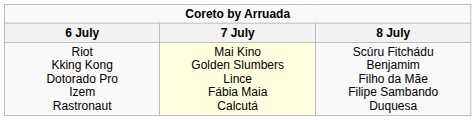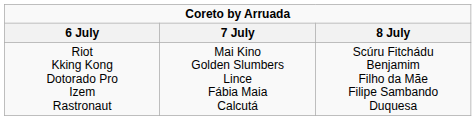 <table class="wikitable">
 <tr>
 <td colspan="3" align="center"><strong>Coreto by Arruada</strong></td>
 </tr>
 <tr>
 <th>6 July</th>
 <th>7 July</th>
 <th>8 July</th>
 </tr>
 <tr>
 <td width="200" align="center" valign="top">Riot<br>Kking Kong<br>Dotorado Pro<br>Izem<br>Rastronaut</td>
-<td width="200" align="center" valign="top" style="background: lightyellow;">Mai Kino<br>Golden Slumbers<br>Lince<br>Fábia Maia<br>Calcutá</td>
+<td width="200" align="center" valign="top">Mai Kino<br>Golden Slumbers<br>Lince<br>Fábia Maia<br>Calcutá</td>
 <td width="200" align="center" valign="top">Scúru Fitchádu<br>Benjamim<br>Filho da Mãe<br>Filipe Sambando<br>Duquesa</td>
 </tr>
 </table>
